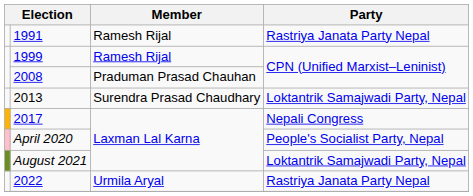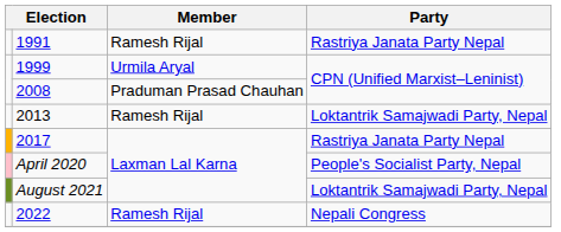 <table class="wikitable">
 <tr>
 <th colspan="2">Election</th>
 <th>Member</th>
 <th>Party</th>
 </tr>
 <tr>
 <td style="background-color:"></td>
 <td><a href='#'>1991</a></td>
 <td>Ramesh Rijal</td>
 <td><a href='#'>Rastriya Janata Party Nepal</a></td>
 </tr>
 <tr>
 <td rowspan="2" style="background-color:"></td>
 <td><a href='#'>1999</a></td>
-<td><a href='#'>Ramesh Rijal</a></td>
+<td><a href='#'>Urmila Aryal</a></td>
 <td rowspan="2"><a href='#'>CPN (Unified Marxist–Leninist)</a></td>
 </tr>
 <tr>
 <td><a href='#'>2008</a></td>
 <td>Praduman Prasad Chauhan</td>
 </tr>
 <tr>
 <td style="background-color:"></td>
 <td>2013</td>
-<td>Surendra Prasad Chaudhary</td>
+<td>Ramesh Rijal</td>
 <td><a href='#'>Loktantrik Samajwadi Party, Nepal</a></td>
 </tr>
 <tr>
 <td style="background-color:#ffb300"></td>
 <td><a href='#'>2017</a></td>
 <td rowspan="3"><a href='#'>Laxman Lal Karna</a></td>
-<td><a href='#'>Nepali Congress</a></td>
+<td><a href='#'>Rastriya Janata Party Nepal</a></td>
 </tr>
 <tr>
 <td style="background-color:pink"></td>
 <td><em>April 2020</em></td>
 <td><a href='#'>People's Socialist Party, Nepal</a></td>
 </tr>
 <tr>
 <td style="background-color:olivedrab"></td>
 <td><em>August 2021</em></td>
 <td><a href='#'>Loktantrik Samajwadi Party, Nepal</a></td>
 </tr>
 <tr>
 <td style="background-color:"></td>
 <td><a href='#'>2022</a></td>
-<td><a href='#'>Urmila Aryal</a></td>
-<td><a href='#'>Rastriya Janata Party Nepal</a></td>
+<td><a href='#'>Ramesh Rijal</a></td>
+<td><a href='#'>Nepali Congress</a></td>
 </tr>
 <tr>
 </tr>
 </table>
